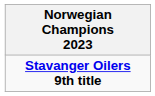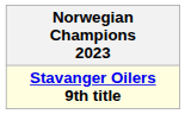 <table class="wikitable" style="text-align: center; margin: 0 auto; width: 20%">
 <tr>
 <th>Norwegian Champions<br>2023</th>
 </tr>
 <tr>
-<td><strong><a href='#'>Stavanger Oilers</a></strong><br><strong>9th title</strong></td>
+<td style="background: lightyellow;"><strong><a href='#'>Stavanger Oilers</a></strong><br><strong>9th title</strong></td>
 </tr>
 </table>
